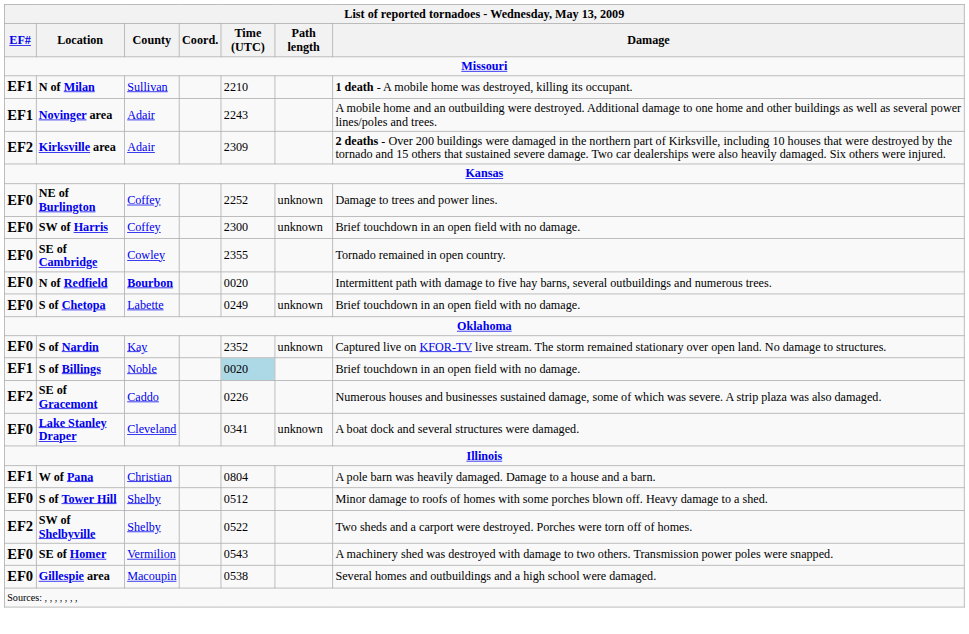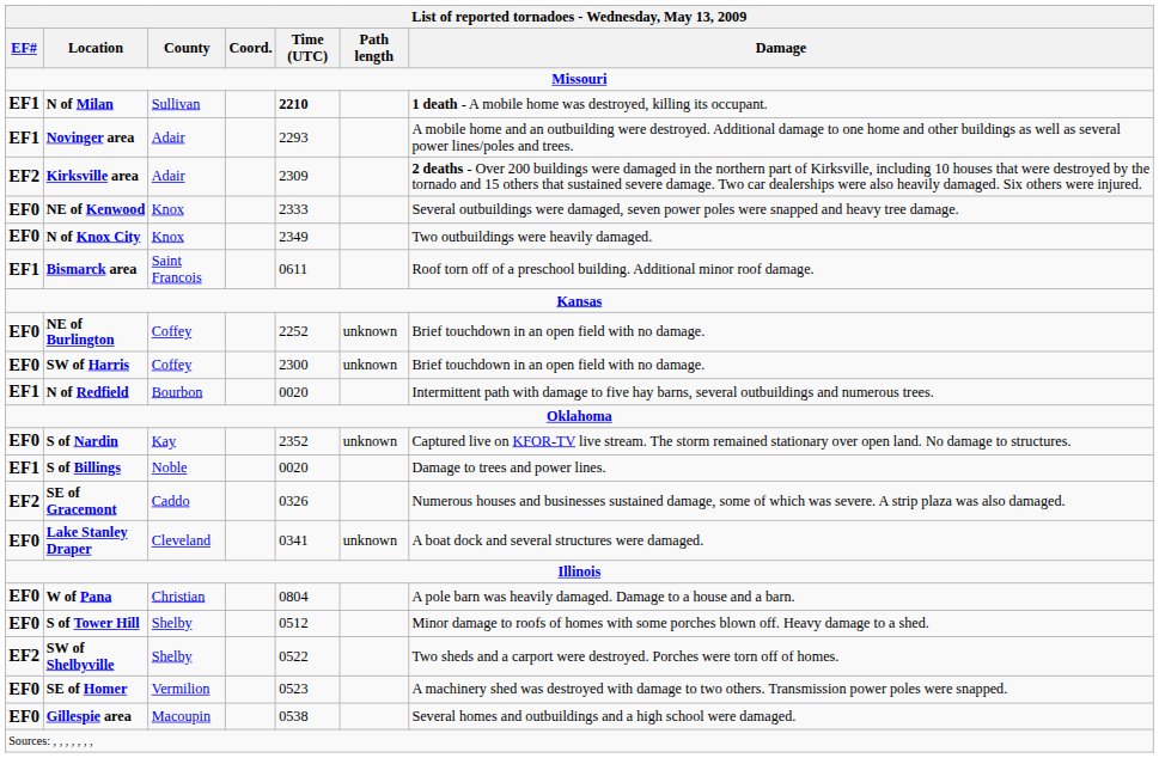 <table class="wikitable collapsible" width="100%">
 <tr>
 <th colspan="7">List of reported tornadoes - Wednesday, May 13, 2009</th>
 </tr>
 <tr>
 <th><a href='#'>EF#</a></th>
 <th>Location</th>
 <th>County</th>
 <th>Coord.</th>
 <th>Time (UTC)</th>
 <th>Path length</th>
 <th>Damage</th>
 </tr>
 <tr>
 <td colspan="7" align=center><strong><a href='#'>Missouri</a></strong></td>
 </tr>
 <tr>
 <td><big><strong>EF1</strong></big></td>
 <td><strong>N of <a href='#'>Milan</a></strong></td>
 <td><a href='#'>Sullivan</a></td>
 <td></td>
-<td>2210</td>
+<td><strong>2210</strong></td>
 <td></td>
 <td><strong>1 death</strong> - A mobile home was destroyed, killing its occupant.</td>
 </tr>
 <tr>
 <td><big><strong>EF1</strong></big></td>
 <td><strong><a href='#'>Novinger</a> area</strong></td>
 <td><a href='#'>Adair</a></td>
 <td></td>
-<td>2243</td>
+<td>2293</td>
 <td></td>
 <td>A mobile home and an outbuilding were destroyed. Additional damage to one home and other buildings as well as several power lines/poles and trees.</td>
 </tr>
 <tr>
 <td><big><strong>EF2</strong></big></td>
 <td><strong><a href='#'>Kirksville</a> area</strong></td>
 <td><a href='#'>Adair</a></td>
 <td></td>
 <td>2309</td>
 <td></td>
 <td><strong>2 deaths</strong> - Over 200 buildings were damaged in the northern part of Kirksville, including 10 houses that were destroyed by the tornado and 15 others that sustained severe damage. Two car dealerships were also heavily damaged. Six others were injured.</td>
 </tr>
 <tr>
+<td><big><strong>EF0</strong></big></td>
+<td><strong>NE of <a href='#'>Kenwood</a></strong></td>
+<td><a href='#'>Knox</a></td>
+<td></td>
+<td>2333</td>
+<td></td>
+<td>Several outbuildings were damaged, seven power poles were snapped and heavy tree damage.</td>
+</tr>
+<tr>
+<td><big><strong>EF0</strong></big></td>
+<td><strong>N of <a href='#'>Knox City</a></strong></td>
+<td><a href='#'>Knox</a></td>
+<td></td>
+<td>2349</td>
+<td></td>
+<td>Two outbuildings were heavily damaged.</td>
+</tr>
+<tr>
+<td><big><strong>EF1</strong></big></td>
+<td><strong><a href='#'>Bismarck</a> area</strong></td>
+<td><a href='#'>Saint Francois</a></td>
+<td></td>
+<td>0611</td>
+<td></td>
+<td>Roof torn off of a preschool building. Additional minor roof damage.</td>
+</tr>
+<tr>
 <td colspan="7" align=center><strong><a href='#'>Kansas</a></strong></td>
 </tr>
 <tr>
 <td><big><strong>EF0</strong></big></td>
 <td><strong>NE of <a href='#'>Burlington</a></strong></td>
 <td><a href='#'>Coffey</a></td>
 <td></td>
 <td>2252</td>
 <td>unknown</td>
-<td>Damage to trees and power lines.</td>
+<td>Brief touchdown in an open field with no damage.</td>
 </tr>
 <tr>
 <td><big><strong>EF0</strong></big></td>
 <td><strong>SW of <a href='#'>Harris</a></strong></td>
 <td><a href='#'>Coffey</a></td>
 <td></td>
 <td>2300</td>
 <td>unknown</td>
 <td>Brief touchdown in an open field with no damage.</td>
 </tr>
 <tr>
-<td><big><strong>EF0</strong></big></td>
-<td><strong>SE of <a href='#'>Cambridge</a></strong></td>
-<td><a href='#'>Cowley</a></td>
-<td></td>
-<td>2355</td>
-<td></td>
-<td>Tornado remained in open country.</td>
-</tr>
-<tr>
-<td><big><strong>EF0</strong></big></td>
+<td><big><strong>EF1</strong></big></td>
 <td><strong>N of <a href='#'>Redfield</a></strong></td>
-<td><strong><a href='#'>Bourbon</a></strong></td>
+<td><a href='#'>Bourbon</a></td>
 <td></td>
 <td>0020</td>
 <td></td>
 <td>Intermittent path with damage to five hay barns, several outbuildings and numerous trees.</td>
-</tr>
-<tr>
-<td><big><strong>EF0</strong></big></td>
-<td><strong>S of <a href='#'>Chetopa</a></strong></td>
-<td><a href='#'>Labette</a></td>
-<td></td>
-<td>0249</td>
-<td>unknown</td>
-<td>Brief touchdown in an open field with no damage.</td>
 </tr>
 <tr>
 <td colspan="7" align=center><strong><a href='#'>Oklahoma</a></strong></td>
 </tr>
 <tr>
 <td><big><strong>EF0</strong></big></td>
 <td><strong>S of <a href='#'>Nardin</a></strong></td>
 <td><a href='#'>Kay</a></td>
 <td></td>
 <td>2352</td>
 <td>unknown</td>
 <td>Captured live on <a href='#'>KFOR-TV</a> live stream. The storm remained stationary over open land. No damage to structures.</td>
 </tr>
 <tr>
 <td><big><strong>EF1</strong></big></td>
 <td><strong>S of <a href='#'>Billings</a></strong></td>
 <td><a href='#'>Noble</a></td>
 <td></td>
-<td style="background: lightblue;">0020</td>
+<td>0020</td>
 <td></td>
-<td>Brief touchdown in an open field with no damage.</td>
+<td>Damage to trees and power lines.</td>
 </tr>
 <tr>
 <td><big><strong>EF2</strong></big></td>
 <td><strong>SE of <a href='#'>Gracemont</a></strong></td>
 <td><a href='#'>Caddo</a></td>
 <td></td>
-<td>0226</td>
+<td>0326</td>
 <td></td>
 <td>Numerous houses and businesses sustained damage, some of which was severe. A strip plaza was also damaged.</td>
 </tr>
 <tr>
 <td><big><strong>EF0</strong></big></td>
 <td><strong><a href='#'>Lake Stanley Draper</a></strong></td>
 <td><a href='#'>Cleveland</a></td>
 <td></td>
 <td>0341</td>
 <td>unknown</td>
 <td>A boat dock and several structures were damaged.</td>
 </tr>
 <tr>
 <td colspan="7" align=center><strong><a href='#'>Illinois</a></strong></td>
 </tr>
 <tr>
-<td><big><strong>EF1</strong></big></td>
+<td><big><strong>EF0</strong></big></td>
 <td><strong>W of <a href='#'>Pana</a></strong></td>
 <td><a href='#'>Christian</a></td>
 <td></td>
 <td>0804</td>
 <td></td>
 <td>A pole barn was heavily damaged. Damage to a house and a barn.</td>
 </tr>
 <tr>
 <td><big><strong>EF0</strong></big></td>
 <td><strong>S of <a href='#'>Tower Hill</a></strong></td>
 <td><a href='#'>Shelby</a></td>
 <td></td>
 <td>0512</td>
 <td></td>
 <td>Minor damage to roofs of homes with some porches blown off. Heavy damage to a shed.</td>
 </tr>
 <tr>
 <td><big><strong>EF2</strong></big></td>
 <td><strong>SW of <a href='#'>Shelbyville</a></strong></td>
 <td><a href='#'>Shelby</a></td>
 <td></td>
 <td>0522</td>
 <td></td>
 <td>Two sheds and a carport were destroyed. Porches were torn off of homes.</td>
 </tr>
 <tr>
 <td><big><strong>EF0</strong></big></td>
 <td><strong>SE of <a href='#'>Homer</a></strong></td>
 <td><a href='#'>Vermilion</a></td>
 <td></td>
-<td>0543</td>
+<td>0523</td>
 <td></td>
 <td>A machinery shed was destroyed with damage to two others. Transmission power poles were snapped.</td>
 </tr>
 <tr>
 <td><big><strong>EF0</strong></big></td>
 <td><strong><a href='#'>Gillespie</a> area</strong></td>
 <td><a href='#'>Macoupin</a></td>
 <td></td>
 <td>0538</td>
 <td></td>
 <td>Several homes and outbuildings and a high school were damaged.</td>
 </tr>
 <tr>
 <td colspan="7"><small>Sources: , , , , , , , </small></td>
 </tr>
 </table>
